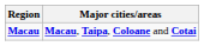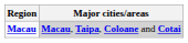 <table class="wikitable" style="font-size:90%">
 <tr>
 <th>Region</th>
 <th>Major cities/areas</th>
 </tr>
 <tr>
 <td><strong><a href='#'>Macau</a></strong></td>
-<td><strong><a href='#'>Macau</a></strong>, <strong><a href='#'>Taipa</a></strong>, <strong><a href='#'>Coloane</a></strong> and <strong><a href='#'>Cotai</a></strong></td>
+<td style="background: lightgrey;"><strong><a href='#'>Macau</a></strong>, <strong><a href='#'>Taipa</a></strong>, <strong><a href='#'>Coloane</a></strong> and <strong><a href='#'>Cotai</a></strong></td>
 </tr>
 </table>
